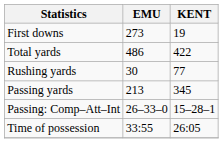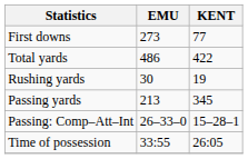 <table class="wikitable" style="float: left;">
 <tr>
 <th>Statistics</th>
 <th>EMU</th>
 <th>KENT</th>
 </tr>
 <tr>
 <td>First downs</td>
 <td>273</td>
-<td>19</td>
+<td>77</td>
 </tr>
 <tr>
 <td>Total yards</td>
 <td>486</td>
 <td>422</td>
 </tr>
 <tr>
 <td>Rushing yards</td>
 <td>30</td>
-<td>77</td>
+<td>19</td>
 </tr>
 <tr>
 <td>Passing yards</td>
 <td>213</td>
 <td>345</td>
 </tr>
 <tr>
 <td>Passing: Comp–Att–Int</td>
 <td>26–33–0</td>
 <td>15–28–1</td>
 </tr>
 <tr>
 <td>Time of possession</td>
 <td>33:55</td>
 <td>26:05</td>
 </tr>
 <tr>
 </tr>
 </table>
